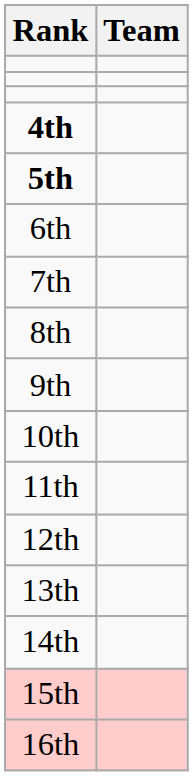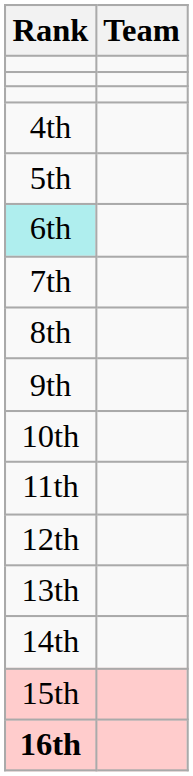 <table class=wikitable style="text-align:center;">
 <tr>
 <th>Rank</th>
 <th>Team</th>
 </tr>
 <tr>
 <td></td>
 <td align=left></td>
 </tr>
 <tr>
 <td></td>
 <td align=left></td>
 </tr>
 <tr>
 <td></td>
 <td align=left></td>
 </tr>
 <tr>
-<td><strong>4th</strong></td>
+<td>4th</td>
 <td align=left></td>
 </tr>
 <tr>
-<td><strong>5th</strong></td>
+<td>5th</td>
 <td align=left></td>
 </tr>
 <tr>
-<td>6th</td>
+<td style="background: paleturquoise;">6th</td>
 <td align=left></td>
 </tr>
 <tr>
 <td>7th</td>
 <td align=left></td>
 </tr>
 <tr>
 <td>8th</td>
 <td align=left></td>
 </tr>
 <tr>
 <td>9th</td>
 <td align=left></td>
 </tr>
 <tr>
 <td>10th</td>
 <td align=left></td>
 </tr>
 <tr>
 <td>11th</td>
 <td align=left></td>
 </tr>
 <tr>
 <td>12th</td>
 <td align=left></td>
 </tr>
 <tr>
 <td>13th</td>
 <td align=left></td>
 </tr>
 <tr>
 <td>14th</td>
 <td align=left></td>
 </tr>
 <tr style="background-color:#fcc;">
 <td>15th</td>
 <td align=left></td>
 </tr>
 <tr style="background-color:#fcc;">
-<td>16th</td>
+<td><strong>16th</strong></td>
 <td align=left></td>
 </tr>
 </table>
